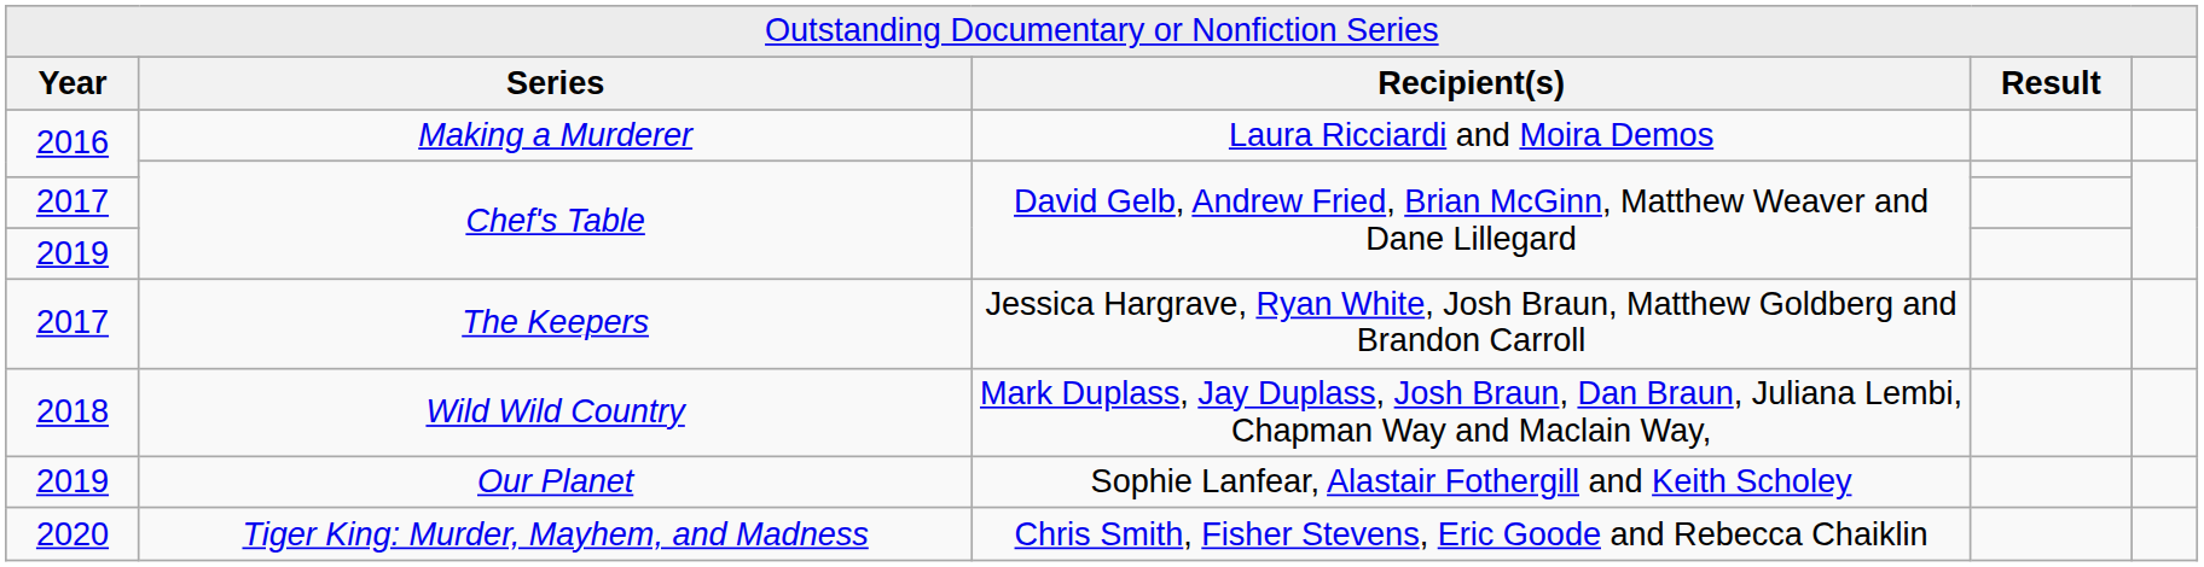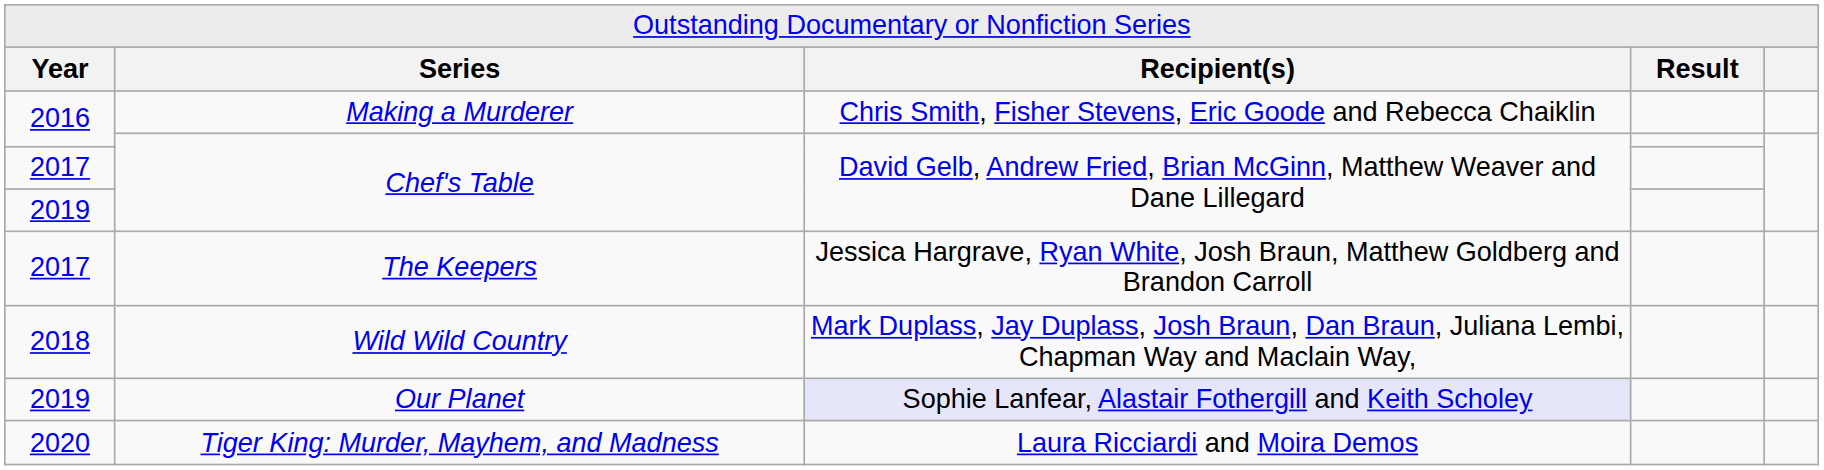 <table class="wikitable plainrowheaders" style="font-size: 100%" width=85%>
 <tr>
 <td style="background: #ececec; color:grey; text-align:center;" colspan="10"><a href='#'>Outstanding Documentary or Nonfiction Series</a></td>
 </tr>
 <tr>
 <th width="4%">Year</th>
 <th width="25%">Series</th>
 <th width="30%">Recipient(s)</th>
 <th width="4%">Result</th>
 <th width="2%"></th>
 </tr>
 <tr>
 <td style="text-align:center;" rowspan="2"><a href='#'>2016</a></td>
 <td style="text-align:center;"><em><a href='#'>Making a Murderer</a></em></td>
-<td style="text-align:center;"><a href='#'>Laura Ricciardi</a> and <a href='#'>Moira Demos</a></td>
+<td style="text-align:center;"><a href='#'>Chris Smith</a>, <a href='#'>Fisher Stevens</a>, <a href='#'>Eric Goode</a> and Rebecca Chaiklin</td>
 <td></td>
 <td style="text-align:center;"></td>
 </tr>
 <tr>
 <td style="text-align:center;" rowspan="3"><em><a href='#'>Chef's Table</a></em></td>
 <td style="text-align:center;" rowspan="3"><a href='#'>David Gelb</a>, <a href='#'>Andrew Fried</a>, <a href='#'>Brian McGinn</a>, Matthew Weaver and Dane Lillegard</td>
 <td></td>
 <td style="text-align:center;" rowspan="3"></td>
 </tr>
 <tr>
 <td style="text-align:center;"><a href='#'>2017</a></td>
 <td></td>
 </tr>
 <tr>
 <td style="text-align:center;"><a href='#'>2019</a></td>
 <td></td>
 </tr>
 <tr>
 <td style="text-align:center;"><a href='#'>2017</a></td>
 <td style="text-align:center;"><em><a href='#'>The Keepers</a></em></td>
 <td style="text-align:center;">Jessica Hargrave, <a href='#'>Ryan White</a>, Josh Braun, Matthew Goldberg and Brandon Carroll</td>
 <td></td>
 <td style="text-align:center;"></td>
 </tr>
 <tr>
 <td style="text-align:center;"><a href='#'>2018</a></td>
 <td style="text-align:center;"><em><a href='#'>Wild Wild Country</a></em></td>
 <td style="text-align:center;"><a href='#'>Mark Duplass</a>, <a href='#'>Jay Duplass</a>, <a href='#'>Josh Braun</a>, <a href='#'>Dan Braun</a>, Juliana Lembi, Chapman Way and Maclain Way,</td>
 <td></td>
 <td style="text-align:center;"></td>
 </tr>
 <tr>
 <td style="text-align:center;"><a href='#'>2019</a></td>
 <td style="text-align:center;"><em><a href='#'>Our Planet</a></em></td>
-<td style="text-align:center;">Sophie Lanfear, <a href='#'>Alastair Fothergill</a> and <a href='#'>Keith Scholey</a></td>
+<td style="background: lavender; text-align:center;">Sophie Lanfear, <a href='#'>Alastair Fothergill</a> and <a href='#'>Keith Scholey</a></td>
 <td></td>
 <td style="text-align:center;"></td>
 </tr>
 <tr>
 <td style="text-align:center;"><a href='#'>2020</a></td>
 <td style="text-align:center;"><em><a href='#'>Tiger King: Murder, Mayhem, and Madness</a></em></td>
-<td style="text-align:center;"><a href='#'>Chris Smith</a>, <a href='#'>Fisher Stevens</a>, <a href='#'>Eric Goode</a> and Rebecca Chaiklin</td>
+<td style="text-align:center;"><a href='#'>Laura Ricciardi</a> and <a href='#'>Moira Demos</a></td>
 <td></td>
 <td style="text-align:center;"></td>
 </tr>
 </table>
